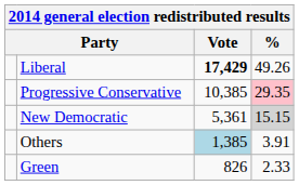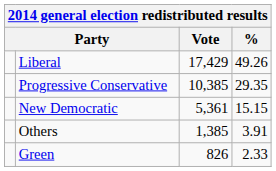 <table class="wikitable">
 <tr>
 <th colspan="4"><a href='#'>2014 general election</a> redistributed results</th>
 </tr>
 <tr>
 <th bgcolor="#DDDDFF" width="130px" colspan="2">Party</th>
 <th bgcolor="#DDDDFF" width="50px">Vote</th>
 <th bgcolor="#DDDDFF" width="30px">%</th>
 </tr>
 <tr>
 <td> </td>
 <td><a href='#'>Liberal</a></td>
-<td align=right><strong>17,429</strong></td>
+<td align=right>17,429</td>
 <td align=right>49.26</td>
 </tr>
 <tr>
 <td> </td>
 <td><a href='#'>Progressive Conservative</a></td>
 <td align=right>10,385</td>
-<td align=right style="background: pink;">29.35</td>
+<td align=right>29.35</td>
 </tr>
 <tr>
 <td> </td>
 <td><a href='#'>New Democratic</a></td>
 <td align=right>5,361</td>
-<td align=right style="background: lightgrey;">15.15</td>
+<td align=right>15.15</td>
 </tr>
 <tr>
 <td> </td>
 <td>Others</td>
-<td align=right style="background: lightblue;">1,385</td>
+<td align=right>1,385</td>
 <td align=right>3.91</td>
 </tr>
 <tr>
 <td> </td>
 <td><a href='#'>Green</a></td>
 <td align=right>826</td>
 <td align=right>2.33</td>
 </tr>
 </table>
